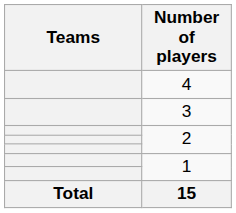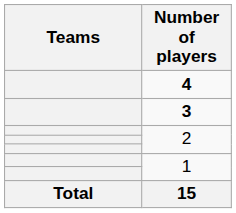 <table class="wikitable plainrowheaders" style="text-align:center">
 <tr>
 <th style="width:120px">Teams</th>
 <th style="width:75px">Number of players</th>
 </tr>
 <tr>
 <th scope="row"></th>
-<td>4</td>
+<td><strong>4</strong></td>
 </tr>
 <tr>
 <th scope="row"></th>
-<td>3</td>
+<td><strong>3</strong></td>
 </tr>
 <tr>
 <th scope="row"></th>
 <td rowspan="3">2</td>
 </tr>
 <tr>
 <th scope="row"></th>
 </tr>
 <tr>
 <th scope="row"></th>
 </tr>
 <tr>
 <th scope="row"></th>
 <td rowspan="2">1</td>
 </tr>
 <tr>
 <th scope="row"></th>
 </tr>
 <tr>
 <th>Total</th>
 <th>15</th>
 </tr>
 </table>
